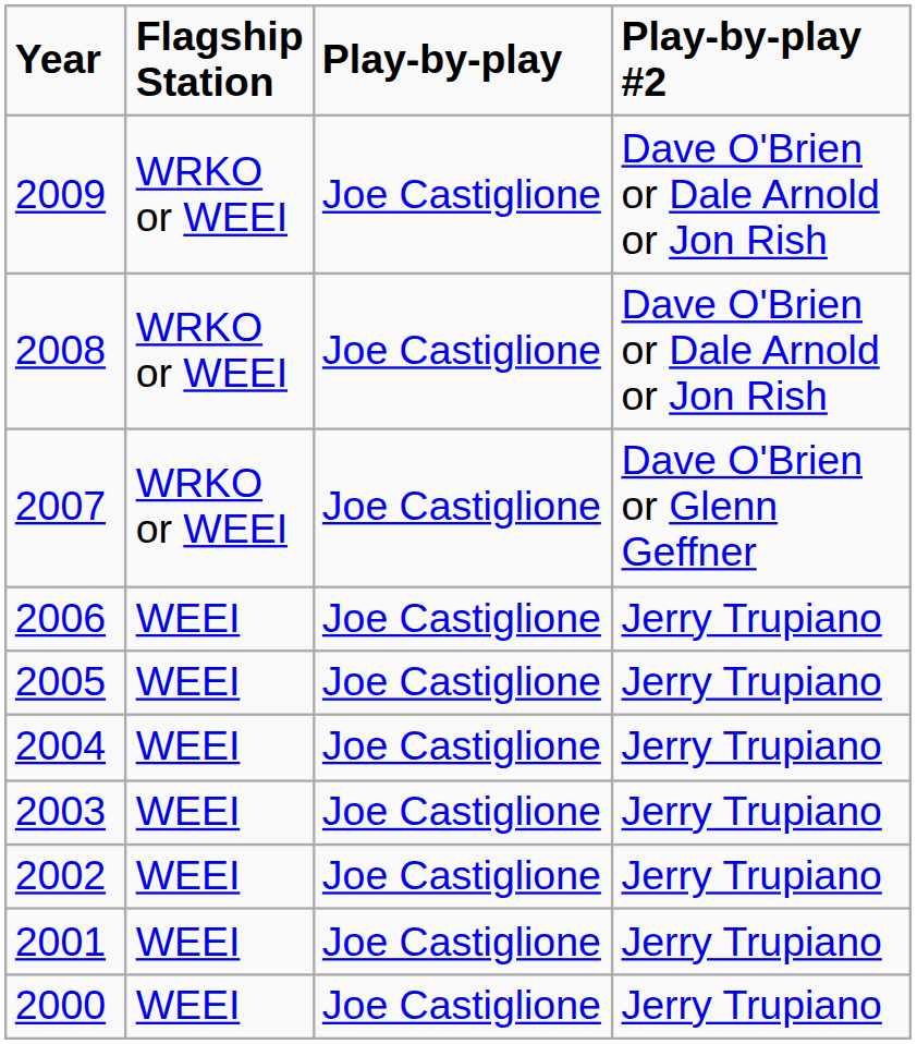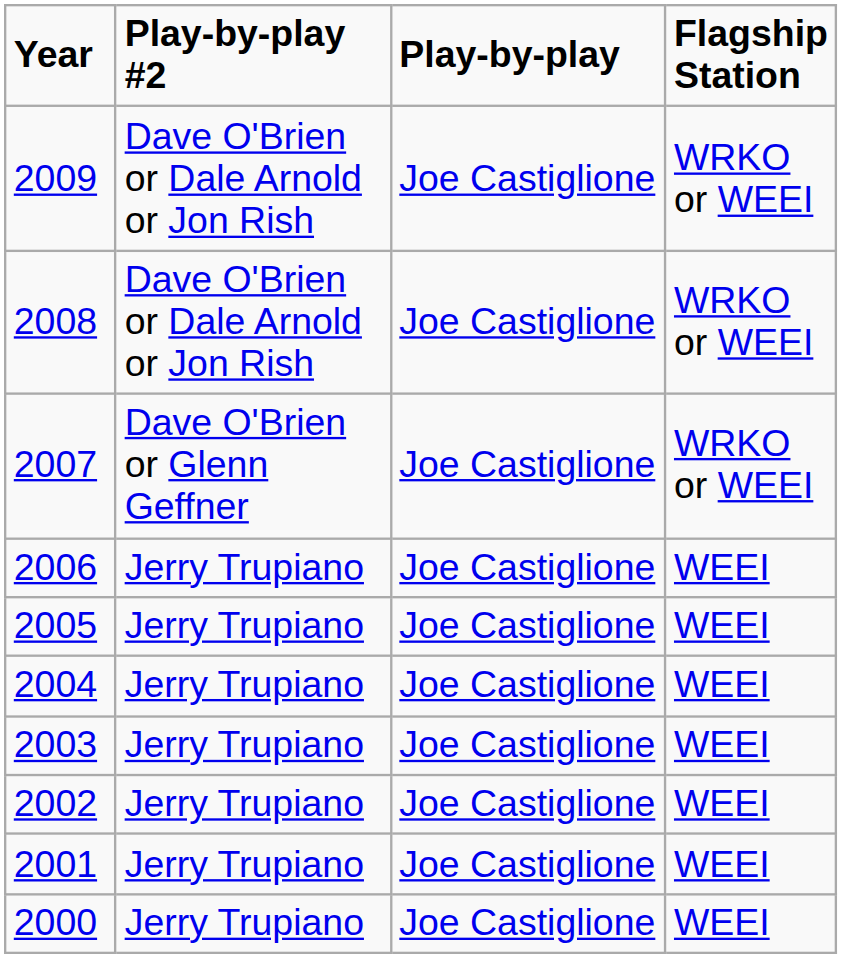 <table class="wikitable">
 <tr>
 <td width="40"><strong>Year</strong></td>
+<td width="110"><strong>Play-by-play #2</strong></td>
+<td width="110"><strong>Play-by-play</strong></td>
 <td width="40"><strong>Flagship Station</strong></td>
-<td width="110"><strong>Play-by-play</strong></td>
-<td width="110"><strong>Play-by-play #2</strong></td>
 </tr>
 <tr>
 <td><a href='#'>2009</a></td>
+<td><a href='#'>Dave O'Brien</a> or <a href='#'>Dale Arnold</a> or <a href='#'>Jon Rish</a></td>
+<td><a href='#'>Joe Castiglione</a></td>
 <td><a href='#'>WRKO</a> or <a href='#'>WEEI</a></td>
-<td><a href='#'>Joe Castiglione</a></td>
-<td><a href='#'>Dave O'Brien</a> or <a href='#'>Dale Arnold</a> or <a href='#'>Jon Rish</a></td>
 </tr>
 <tr>
 <td><a href='#'>2008</a></td>
+<td><a href='#'>Dave O'Brien</a> or <a href='#'>Dale Arnold</a> or <a href='#'>Jon Rish</a></td>
+<td><a href='#'>Joe Castiglione</a></td>
 <td><a href='#'>WRKO</a> or <a href='#'>WEEI</a></td>
-<td><a href='#'>Joe Castiglione</a></td>
-<td><a href='#'>Dave O'Brien</a> or <a href='#'>Dale Arnold</a> or <a href='#'>Jon Rish</a></td>
 </tr>
 <tr>
 <td><a href='#'>2007</a></td>
+<td><a href='#'>Dave O'Brien</a> or <a href='#'>Glenn Geffner</a></td>
+<td><a href='#'>Joe Castiglione</a></td>
 <td><a href='#'>WRKO</a> or <a href='#'>WEEI</a></td>
-<td><a href='#'>Joe Castiglione</a></td>
-<td><a href='#'>Dave O'Brien</a> or <a href='#'>Glenn Geffner</a></td>
 </tr>
 <tr>
 <td><a href='#'>2006</a></td>
+<td><a href='#'>Jerry Trupiano</a></td>
+<td><a href='#'>Joe Castiglione</a></td>
 <td><a href='#'>WEEI</a></td>
-<td><a href='#'>Joe Castiglione</a></td>
-<td><a href='#'>Jerry Trupiano</a></td>
 </tr>
 <tr>
 <td><a href='#'>2005</a></td>
+<td><a href='#'>Jerry Trupiano</a></td>
+<td><a href='#'>Joe Castiglione</a></td>
 <td><a href='#'>WEEI</a></td>
-<td><a href='#'>Joe Castiglione</a></td>
-<td><a href='#'>Jerry Trupiano</a></td>
 </tr>
 <tr>
 <td><a href='#'>2004</a></td>
+<td><a href='#'>Jerry Trupiano</a></td>
+<td><a href='#'>Joe Castiglione</a></td>
 <td><a href='#'>WEEI</a></td>
-<td><a href='#'>Joe Castiglione</a></td>
-<td><a href='#'>Jerry Trupiano</a></td>
 </tr>
 <tr>
 <td><a href='#'>2003</a></td>
+<td><a href='#'>Jerry Trupiano</a></td>
+<td><a href='#'>Joe Castiglione</a></td>
 <td><a href='#'>WEEI</a></td>
-<td><a href='#'>Joe Castiglione</a></td>
-<td><a href='#'>Jerry Trupiano</a></td>
 </tr>
 <tr>
 <td><a href='#'>2002</a></td>
+<td><a href='#'>Jerry Trupiano</a></td>
+<td><a href='#'>Joe Castiglione</a></td>
 <td><a href='#'>WEEI</a></td>
-<td><a href='#'>Joe Castiglione</a></td>
-<td><a href='#'>Jerry Trupiano</a></td>
 </tr>
 <tr>
 <td><a href='#'>2001</a></td>
+<td><a href='#'>Jerry Trupiano</a></td>
+<td><a href='#'>Joe Castiglione</a></td>
 <td><a href='#'>WEEI</a></td>
-<td><a href='#'>Joe Castiglione</a></td>
-<td><a href='#'>Jerry Trupiano</a></td>
 </tr>
 <tr>
 <td><a href='#'>2000</a></td>
+<td><a href='#'>Jerry Trupiano</a></td>
+<td><a href='#'>Joe Castiglione</a></td>
 <td><a href='#'>WEEI</a></td>
-<td><a href='#'>Joe Castiglione</a></td>
-<td><a href='#'>Jerry Trupiano</a></td>
 </tr>
 </table>
